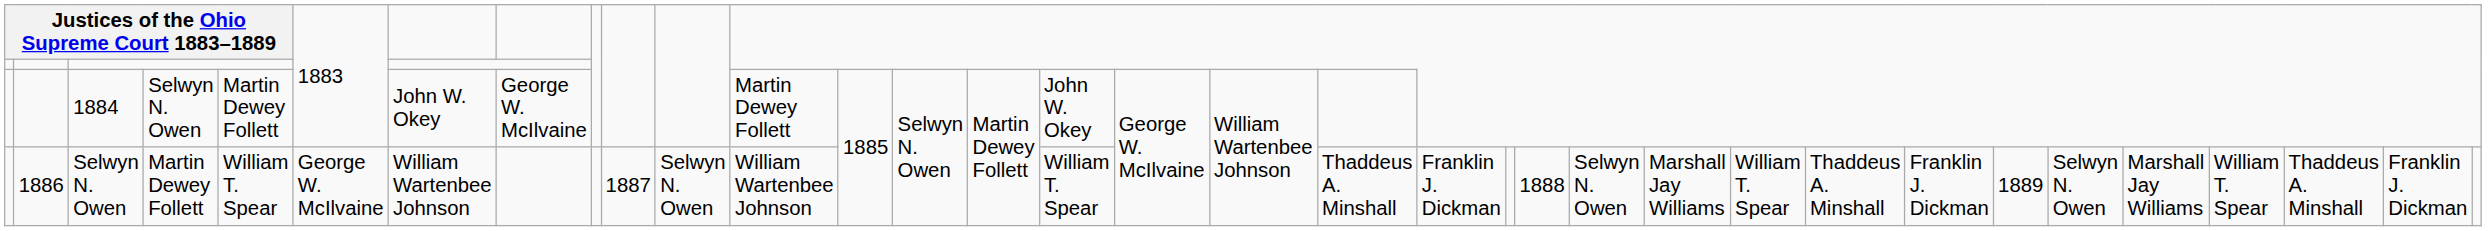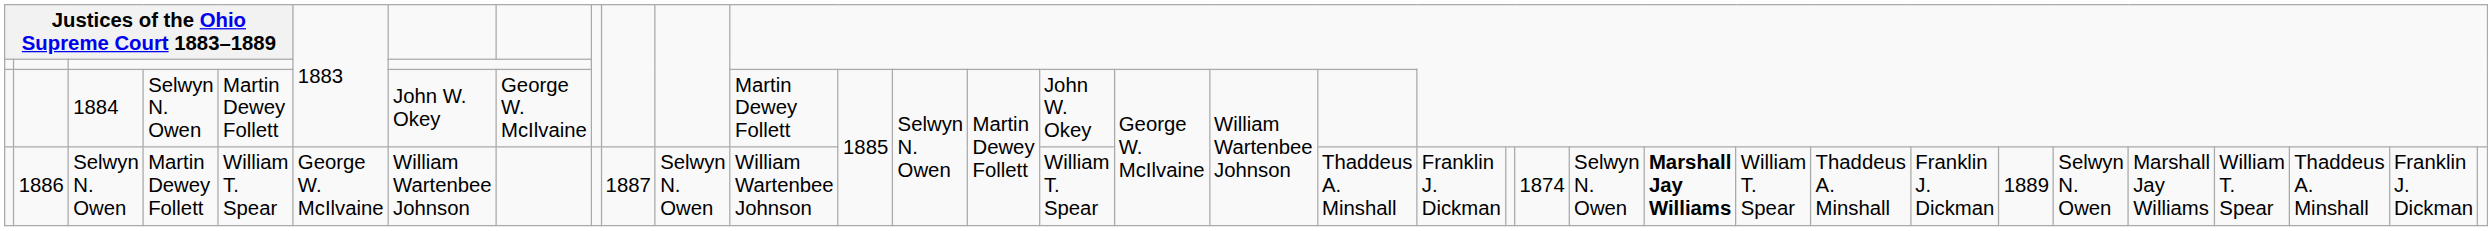 <table class="wikitable collapsible collapsed">
 <tr>
 <th colspan=5>Justices of the <a href='#'>Ohio Supreme Court</a> 1883–1889</th>
 <td rowspan=3>1883</td>
 <td></td>
 <td></td>
 <td rowspan=3 ></td>
 <td rowspan=3 ></td>
 <td rowspan=3 ></td>
 </tr>
 <tr>
 <td></td>
 <td></td>
 </tr>
 <tr>
 <td></td>
 <td></td>
 <td>1884</td>
 <td>Selwyn N. Owen</td>
 <td>Martin Dewey Follett</td>
 <td>John W. Okey</td>
 <td>George W. McIlvaine</td>
 <td>Martin Dewey Follett</td>
 <td rowspan=3>1885</td>
 <td rowspan=3 >Selwyn N. Owen</td>
 <td rowspan=3 >Martin Dewey Follett</td>
 <td>John W. Okey</td>
 <td rowspan=3 >George W. McIlvaine</td>
 <td rowspan=3 >William Wartenbee Johnson</td>
 <td></td>
 </tr>
 <tr>
 <td></td>
 <td rowspan=2>1886</td>
 <td rowspan=2 >Selwyn N. Owen</td>
 <td rowspan=2 >Martin Dewey Follett</td>
 <td rowspan=2 >William T. Spear</td>
 <td>George W. McIlvaine</td>
 <td>William Wartenbee Johnson</td>
 <td></td>
 <td></td>
 <td rowspan=2>1887</td>
 <td rowspan=2 >Selwyn N. Owen</td>
 <td>William Wartenbee Johnson</td>
 <td rowspan=2 >William T. Spear</td>
 <td rowspan=2 >Thaddeus A. Minshall</td>
 <td rowspan=2 >Franklin J. Dickman</td>
 <td></td>
-<td>1888</td>
+<td>1874</td>
 <td>Selwyn N. Owen</td>
-<td>Marshall Jay Williams</td>
+<td><strong>Marshall Jay Williams</strong></td>
 <td>William T. Spear</td>
 <td>Thaddeus A. Minshall</td>
 <td>Franklin J. Dickman</td>
 <td rowspan=2>1889</td>
 <td>Selwyn N. Owen</td>
 <td rowspan=2 >Marshall Jay Williams</td>
 <td rowspan=2 >William T. Spear</td>
 <td rowspan=2 >Thaddeus A. Minshall</td>
 <td rowspan=2 >Franklin J. Dickman</td>
 <td></td>
 </tr>
 </table>
